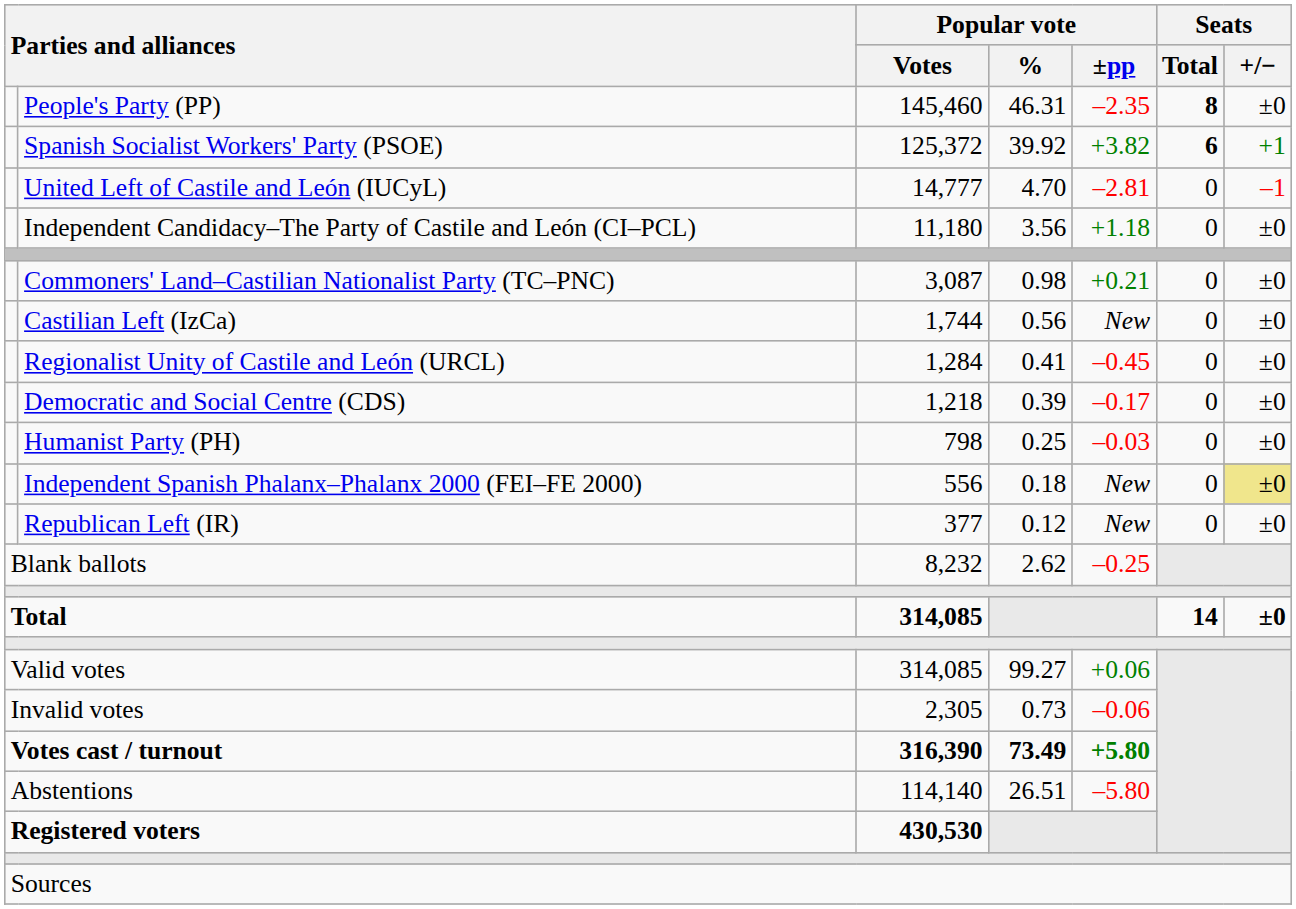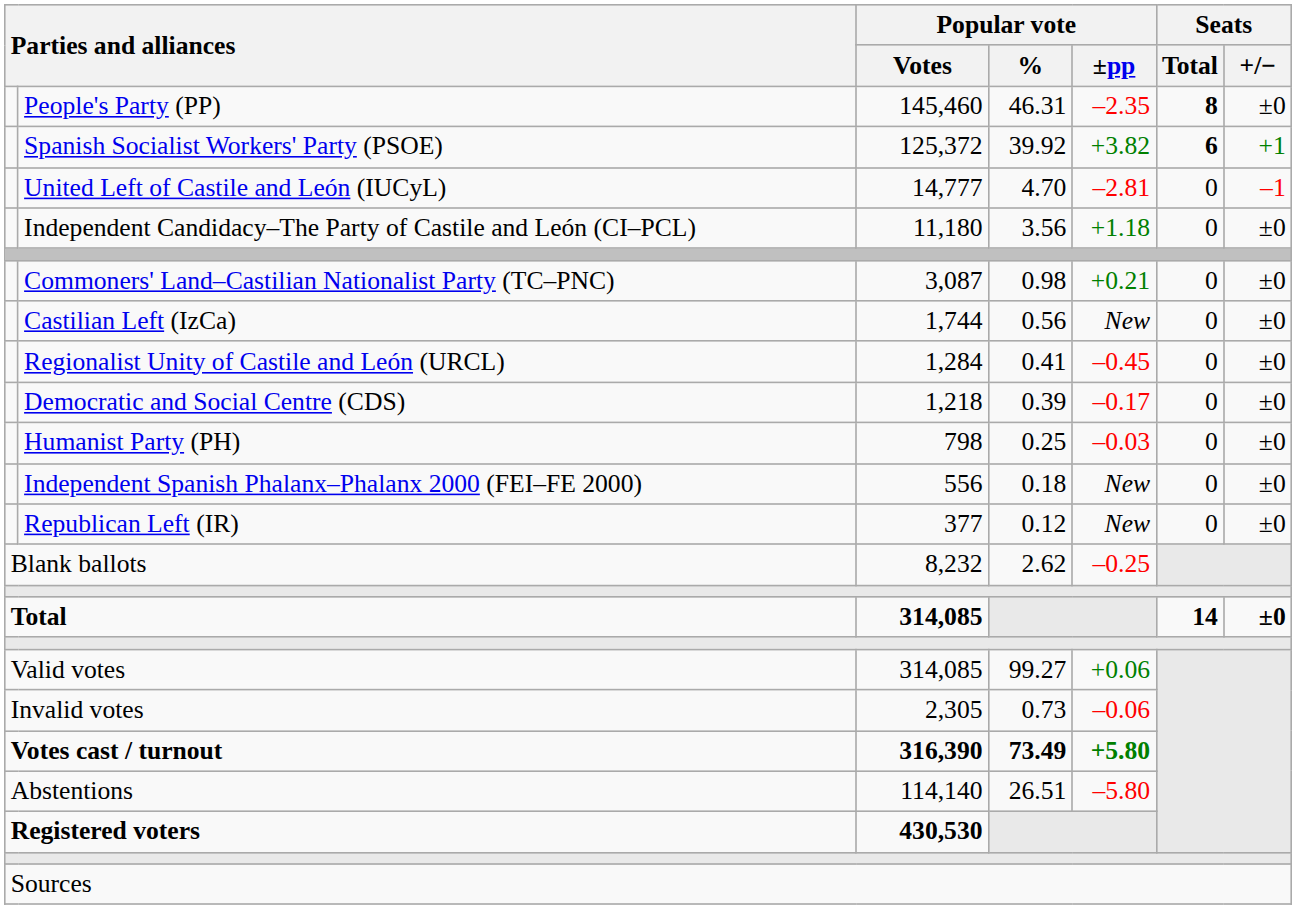 <table class="wikitable" style="text-align:right;">
 <tr>
 <th style="text-align:left;" rowspan="2" colspan="2" width="525">Parties and alliances</th>
 <th colspan="3">Popular vote</th>
 <th colspan="2">Seats</th>
 </tr>
 <tr>
 <th width="75">Votes</th>
 <th width="45">%</th>
 <th width="45">±<a href='#'>pp</a></th>
 <th width="35">Total</th>
 <th width="35">+/−</th>
 </tr>
 <tr>
 <td width="1" style="color:inherit;background:"></td>
 <td align="left"><a href='#'>People's Party</a> (PP)</td>
 <td>145,460</td>
 <td>46.31</td>
 <td style="color:red;">–2.35</td>
 <td><strong>8</strong></td>
 <td>±0</td>
 </tr>
 <tr>
 <td style="color:inherit;background:"></td>
 <td align="left"><a href='#'>Spanish Socialist Workers' Party</a> (PSOE)</td>
 <td>125,372</td>
 <td>39.92</td>
 <td style="color:green;">+3.82</td>
 <td><strong>6</strong></td>
 <td style="color:green;">+1</td>
 </tr>
 <tr>
 <td style="color:inherit;background:"></td>
 <td align="left"><a href='#'>United Left of Castile and León</a> (IUCyL)</td>
 <td>14,777</td>
 <td>4.70</td>
 <td style="color:red;">–2.81</td>
 <td>0</td>
 <td style="color:red;">–1</td>
 </tr>
 <tr>
 <td style="color:inherit;background:"></td>
 <td align="left">Independent Candidacy–The Party of Castile and León (CI–PCL)</td>
 <td>11,180</td>
 <td>3.56</td>
 <td style="color:green;">+1.18</td>
 <td>0</td>
 <td>±0</td>
 </tr>
 <tr>
 <td colspan="7" bgcolor="#C0C0C0"></td>
 </tr>
 <tr>
 <td style="color:inherit;background:"></td>
 <td align="left"><a href='#'>Commoners' Land–Castilian Nationalist Party</a> (TC–PNC)</td>
 <td>3,087</td>
 <td>0.98</td>
 <td style="color:green;">+0.21</td>
 <td>0</td>
 <td>±0</td>
 </tr>
 <tr>
 <td style="color:inherit;background:"></td>
 <td align="left"><a href='#'>Castilian Left</a> (IzCa)</td>
 <td>1,744</td>
 <td>0.56</td>
 <td><em>New</em></td>
 <td>0</td>
 <td>±0</td>
 </tr>
 <tr>
 <td style="color:inherit;background:"></td>
 <td align="left"><a href='#'>Regionalist Unity of Castile and León</a> (URCL)</td>
 <td>1,284</td>
 <td>0.41</td>
 <td style="color:red;">–0.45</td>
 <td>0</td>
 <td>±0</td>
 </tr>
 <tr>
 <td style="color:inherit;background:"></td>
 <td align="left"><a href='#'>Democratic and Social Centre</a> (CDS)</td>
 <td>1,218</td>
 <td>0.39</td>
 <td style="color:red;">–0.17</td>
 <td>0</td>
 <td>±0</td>
 </tr>
 <tr>
 <td style="color:inherit;background:"></td>
 <td align="left"><a href='#'>Humanist Party</a> (PH)</td>
 <td>798</td>
 <td>0.25</td>
 <td style="color:red;">–0.03</td>
 <td>0</td>
 <td>±0</td>
 </tr>
 <tr>
 <td style="color:inherit;background:"></td>
 <td align="left"><a href='#'>Independent Spanish Phalanx–Phalanx 2000</a> (FEI–FE 2000)</td>
 <td>556</td>
 <td>0.18</td>
 <td><em>New</em></td>
 <td>0</td>
-<td style="background: khaki;">±0</td>
+<td>±0</td>
 </tr>
 <tr>
 <td style="color:inherit;background:"></td>
 <td align="left"><a href='#'>Republican Left</a> (IR)</td>
 <td>377</td>
 <td>0.12</td>
 <td><em>New</em></td>
 <td>0</td>
 <td>±0</td>
 </tr>
 <tr>
 <td align="left" colspan="2">Blank ballots</td>
 <td>8,232</td>
 <td>2.62</td>
 <td style="color:red;">–0.25</td>
 <td bgcolor="#E9E9E9" colspan="2"></td>
 </tr>
 <tr>
 <td colspan="7" bgcolor="#E9E9E9"></td>
 </tr>
 <tr style="font-weight:bold;">
 <td align="left" colspan="2">Total</td>
 <td>314,085</td>
 <td bgcolor="#E9E9E9" colspan="2"></td>
 <td>14</td>
 <td>±0</td>
 </tr>
 <tr>
 <td colspan="7" bgcolor="#E9E9E9"></td>
 </tr>
 <tr>
 <td align="left" colspan="2">Valid votes</td>
 <td>314,085</td>
 <td>99.27</td>
 <td style="color:green;">+0.06</td>
 <td bgcolor="#E9E9E9" colspan="2" rowspan="5"></td>
 </tr>
 <tr>
 <td align="left" colspan="2">Invalid votes</td>
 <td>2,305</td>
 <td>0.73</td>
 <td style="color:red;">–0.06</td>
 </tr>
 <tr style="font-weight:bold;">
 <td align="left" colspan="2">Votes cast / turnout</td>
 <td>316,390</td>
 <td>73.49</td>
 <td style="color:green;">+5.80</td>
 </tr>
 <tr>
 <td align="left" colspan="2">Abstentions</td>
 <td>114,140</td>
 <td>26.51</td>
 <td style="color:red;">–5.80</td>
 </tr>
 <tr style="font-weight:bold;">
 <td align="left" colspan="2">Registered voters</td>
 <td>430,530</td>
 <td bgcolor="#E9E9E9" colspan="2"></td>
 </tr>
 <tr>
 <td colspan="7" bgcolor="#E9E9E9"></td>
 </tr>
 <tr>
 <td align="left" colspan="7">Sources</td>
 </tr>
 </table>
